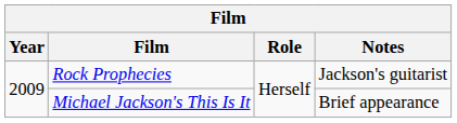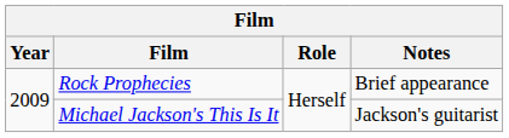 <table class="wikitable">
 <tr>
 <th colspan="4">Film</th>
 </tr>
 <tr>
 <th>Year</th>
 <th>Film</th>
 <th>Role</th>
 <th>Notes</th>
 </tr>
 <tr>
 <td rowspan="2">2009</td>
 <td><em><a href='#'>Rock Prophecies</a></em></td>
 <td rowspan="2">Herself</td>
-<td>Jackson's guitarist</td>
+<td>Brief appearance</td>
 </tr>
 <tr>
 <td><em><a href='#'>Michael Jackson's This Is It</a></em></td>
-<td>Brief appearance</td>
+<td>Jackson's guitarist</td>
 </tr>
 </table>
